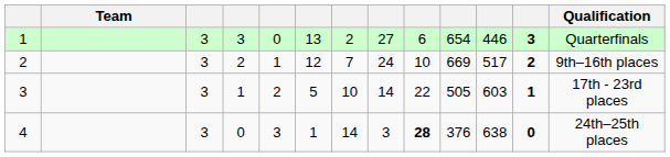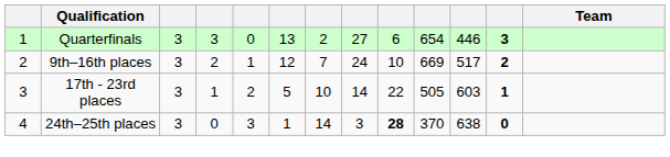 <table class="wikitable" style="text-align:center" width="730">
 <tr>
 <th width="5.5%"></th>
-<th width="22%">Team</th>
+<th width="18%">Qualification</th>
 <th width="5.5%"></th>
 <th width="5.5%"></th>
 <th width="5.5%"></th>
 <th width="5.5%"></th>
 <th width="5.5%"></th>
 <th width="5.5%"></th>
 <th width="5.5%"></th>
 <th width="5.5%"></th>
 <th width="5.5%"></th>
 <th width="5.5%"></th>
-<th width="18%">Qualification</th>
+<th width="22%">Team</th>
 </tr>
 <tr bgcolor="ccffcc">
 <td>1</td>
-<td style="text-align:left"></td>
+<td>Quarterfinals</td>
 <td>3</td>
 <td>3</td>
 <td>0</td>
 <td>13</td>
 <td>2</td>
 <td>27</td>
 <td>6</td>
 <td>654</td>
 <td>446</td>
 <td><strong>3</strong></td>
-<td>Quarterfinals</td>
+<td style="text-align:left"></td>
 </tr>
 <tr>
 <td>2</td>
-<td style="text-align:left"></td>
+<td>9th–16th places</td>
 <td>3</td>
 <td>2</td>
 <td>1</td>
 <td>12</td>
 <td>7</td>
 <td>24</td>
 <td>10</td>
 <td>669</td>
 <td>517</td>
 <td><strong>2</strong></td>
-<td>9th–16th places</td>
+<td style="text-align:left"></td>
 </tr>
 <tr>
 <td>3</td>
-<td style="text-align:left"></td>
+<td>17th - 23rd places</td>
 <td>3</td>
 <td>1</td>
 <td>2</td>
 <td>5</td>
 <td>10</td>
 <td>14</td>
 <td>22</td>
 <td>505</td>
 <td>603</td>
 <td><strong>1</strong></td>
-<td>17th - 23rd places</td>
+<td style="text-align:left"></td>
 </tr>
 <tr>
 <td>4</td>
-<td style="text-align:left"></td>
+<td>24th–25th places</td>
 <td>3</td>
 <td>0</td>
 <td>3</td>
 <td>1</td>
 <td>14</td>
 <td>3</td>
 <td><strong>28</strong></td>
-<td>376</td>
+<td>370</td>
 <td>638</td>
 <td><strong>0</strong></td>
-<td>24th–25th places</td>
+<td style="text-align:left"></td>
 </tr>
 </table>
